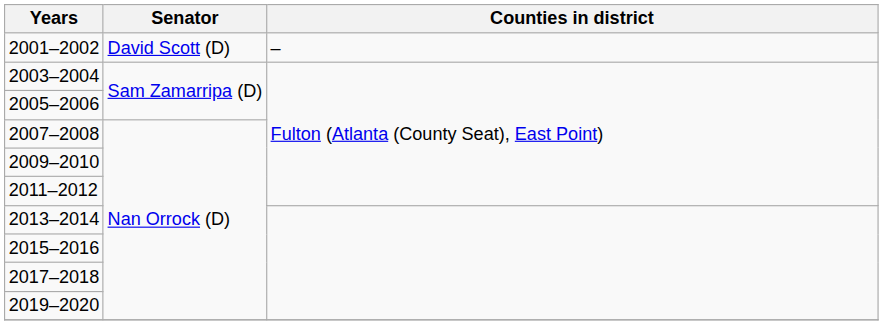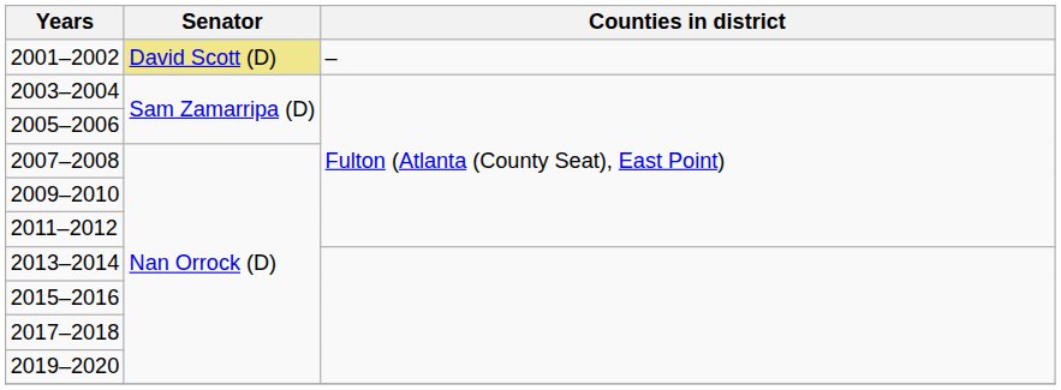 <table class="wikitable">
 <tr>
 <th>Years</th>
 <th>Senator</th>
 <th width=70%>Counties in district</th>
 </tr>
 <tr>
 <td>2001–2002</td>
-<td><a href='#'>David Scott</a> (D)</td>
+<td style="background: khaki;"><a href='#'>David Scott</a> (D)</td>
 <td>–</td>
 </tr>
 <tr>
 <td>2003–2004</td>
 <td rowspan=2  ><a href='#'>Sam Zamarripa</a> (D)</td>
 <td rowspan=5><a href='#'>Fulton</a> (<a href='#'>Atlanta</a> (County Seat), <a href='#'>East Point</a>)</td>
 </tr>
 <tr>
 <td>2005–2006</td>
 </tr>
 <tr>
 <td>2007–2008</td>
 <td rowspan=7  ><a href='#'>Nan Orrock</a> (D)</td>
 </tr>
 <tr>
 <td>2009–2010</td>
 </tr>
 <tr>
 <td>2011–2012</td>
 </tr>
 <tr>
 <td>2013–2014</td>
 <td rowspan=4></td>
 </tr>
 <tr>
 <td>2015–2016</td>
 </tr>
 <tr>
 <td>2017–2018</td>
 </tr>
 <tr>
 <td>2019–2020</td>
 </tr>
 <tr>
 </tr>
 </table>
